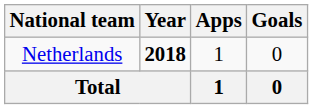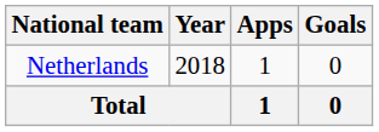 <table class="wikitable" style="text-align:center">
 <tr>
 <th>National team</th>
 <th>Year</th>
 <th>Apps</th>
 <th>Goals</th>
 </tr>
 <tr>
 <td><a href='#'>Netherlands</a></td>
-<td><strong>2018</strong></td>
+<td>2018</td>
 <td>1</td>
 <td>0</td>
 </tr>
 <tr>
 <th colspan="2">Total</th>
 <th>1</th>
 <th>0</th>
 </tr>
 </table>
